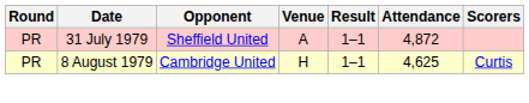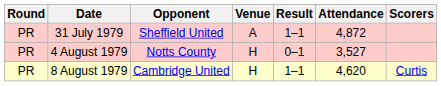 <table class="wikitable" style="font-size:100%; text-align:center">
 <tr>
 <th>Round</th>
 <th>Date</th>
 <th>Opponent</th>
 <th>Venue</th>
 <th>Result</th>
 <th>Attendance</th>
 <th>Scorers</th>
 </tr>
 <tr style="background-color: #FFCCCC;">
 <td>PR</td>
 <td>31 July 1979</td>
 <td><a href='#'>Sheffield United</a></td>
 <td>A</td>
 <td>1–1</td>
 <td>4,872</td>
 <td></td>
 </tr>
+<tr style="background-color: #FFCCCC;">
+<td>PR</td>
+<td>4 August 1979</td>
+<td><a href='#'>Notts County</a></td>
+<td>H</td>
+<td>0–1</td>
+<td>3,527</td>
+<td></td>
+</tr>
 <tr style="background-color: #FFFFCC;">
 <td>PR</td>
 <td>8 August 1979</td>
 <td><a href='#'>Cambridge United</a></td>
 <td>H</td>
 <td>1–1</td>
-<td>4,625</td>
+<td>4,620</td>
 <td><a href='#'>Curtis</a></td>
 </tr>
 </table>
